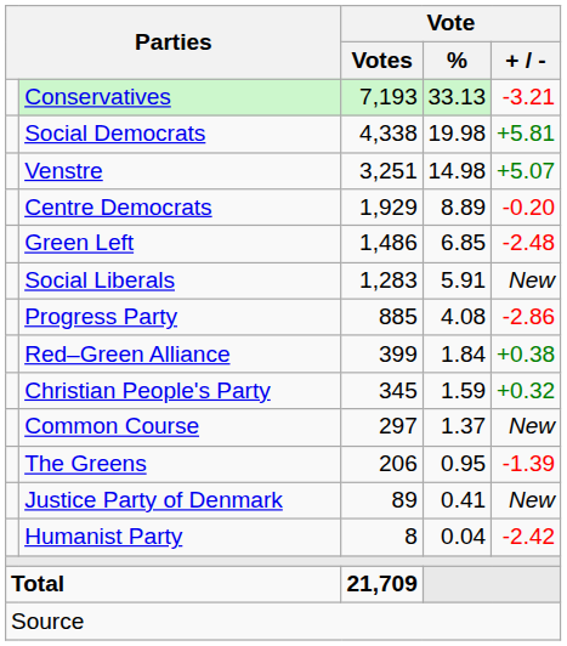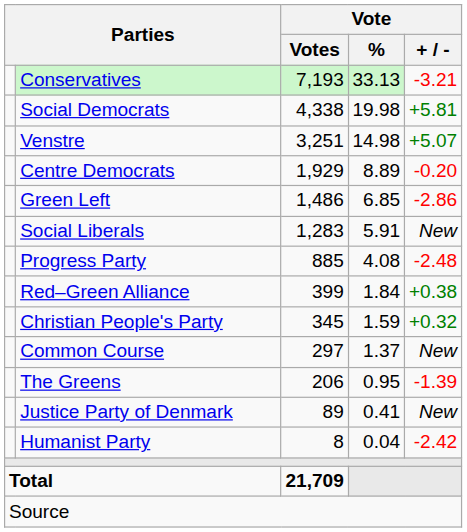 <table class="wikitable" style="text-align:right;">
 <tr>
 <th style="text-align:centre;" rowspan="2" colspan="2" width="225">Parties</th>
 <th colspan="3">Vote</th>
 </tr>
 <tr>
 <th width="15">Votes</th>
 <th width="15">%</th>
 <th width="15">+ / -</th>
 </tr>
 <tr>
 <td width="2" style="color:inherit;background:"></td>
 <td bgcolor=#ccf7cc  align="left"><a href='#'>Conservatives</a></td>
 <td bgcolor=#ccf7cc>7,193</td>
 <td bgcolor=#ccf7cc>33.13</td>
 <td style=color:red;>-3.21</td>
 </tr>
 <tr>
 <td width="2" style="color:inherit;background:"></td>
 <td align="left"><a href='#'>Social Democrats</a></td>
 <td>4,338</td>
 <td>19.98</td>
 <td style=color:green;>+5.81</td>
 </tr>
 <tr>
 <td width="2" style="color:inherit;background:"></td>
 <td align="left"><a href='#'>Venstre</a></td>
 <td>3,251</td>
 <td>14.98</td>
 <td style=color:green;>+5.07</td>
 </tr>
 <tr>
 <td width="2" style="color:inherit;background:"></td>
 <td align="left"><a href='#'>Centre Democrats</a></td>
 <td>1,929</td>
 <td>8.89</td>
 <td style=color:red;>-0.20</td>
 </tr>
 <tr>
 <td width="2" style="color:inherit;background:"></td>
 <td align="left"><a href='#'>Green Left</a></td>
 <td>1,486</td>
 <td>6.85</td>
-<td style=color:red;>-2.48</td>
+<td style=color:red;>-2.86</td>
 </tr>
 <tr>
 <td width="2" style="color:inherit;background:"></td>
 <td align="left"><a href='#'>Social Liberals</a></td>
 <td>1,283</td>
 <td>5.91</td>
 <td><em>New</em></td>
 </tr>
 <tr>
 <td width="2" style="color:inherit;background:"></td>
 <td align="left"><a href='#'>Progress Party</a></td>
 <td>885</td>
 <td>4.08</td>
-<td style=color:red;>-2.86</td>
+<td style=color:red;>-2.48</td>
 </tr>
 <tr>
 <td width="2" style="color:inherit;background:"></td>
 <td align="left"><a href='#'>Red–Green Alliance</a></td>
 <td>399</td>
 <td>1.84</td>
 <td style=color:green;>+0.38</td>
 </tr>
 <tr>
 <td width="2" style="color:inherit;background:"></td>
 <td align="left"><a href='#'>Christian People's Party</a></td>
 <td>345</td>
 <td>1.59</td>
 <td style=color:green;>+0.32</td>
 </tr>
 <tr>
 <td width="2" style="color:inherit;background:"></td>
 <td align="left"><a href='#'>Common Course</a></td>
 <td>297</td>
 <td>1.37</td>
 <td><em>New</em></td>
 </tr>
 <tr>
 <td width="2" style="color:inherit;background:"></td>
 <td align="left"><a href='#'>The Greens</a></td>
 <td>206</td>
 <td>0.95</td>
 <td style=color:red;>-1.39</td>
 </tr>
 <tr>
 <td width="2" style="color:inherit;background:"></td>
 <td align="left"><a href='#'>Justice Party of Denmark</a></td>
 <td>89</td>
 <td>0.41</td>
 <td><em>New</em></td>
 </tr>
 <tr>
 <td width="2" style="color:inherit;background:"></td>
 <td align="left"><a href='#'>Humanist Party</a></td>
 <td>8</td>
 <td>0.04</td>
 <td style=color:red;>-2.42</td>
 </tr>
 <tr>
 <td colspan="7" bgcolor="#E9E9E9"></td>
 </tr>
 <tr>
 <td align="left" colspan="2"><strong>Total</strong></td>
 <td><strong>21,709</strong></td>
 <td bgcolor="#E9E9E9" colspan="2"></td>
 </tr>
 <tr>
 <td align="left" colspan="6">Source</td>
 </tr>
 </table>
